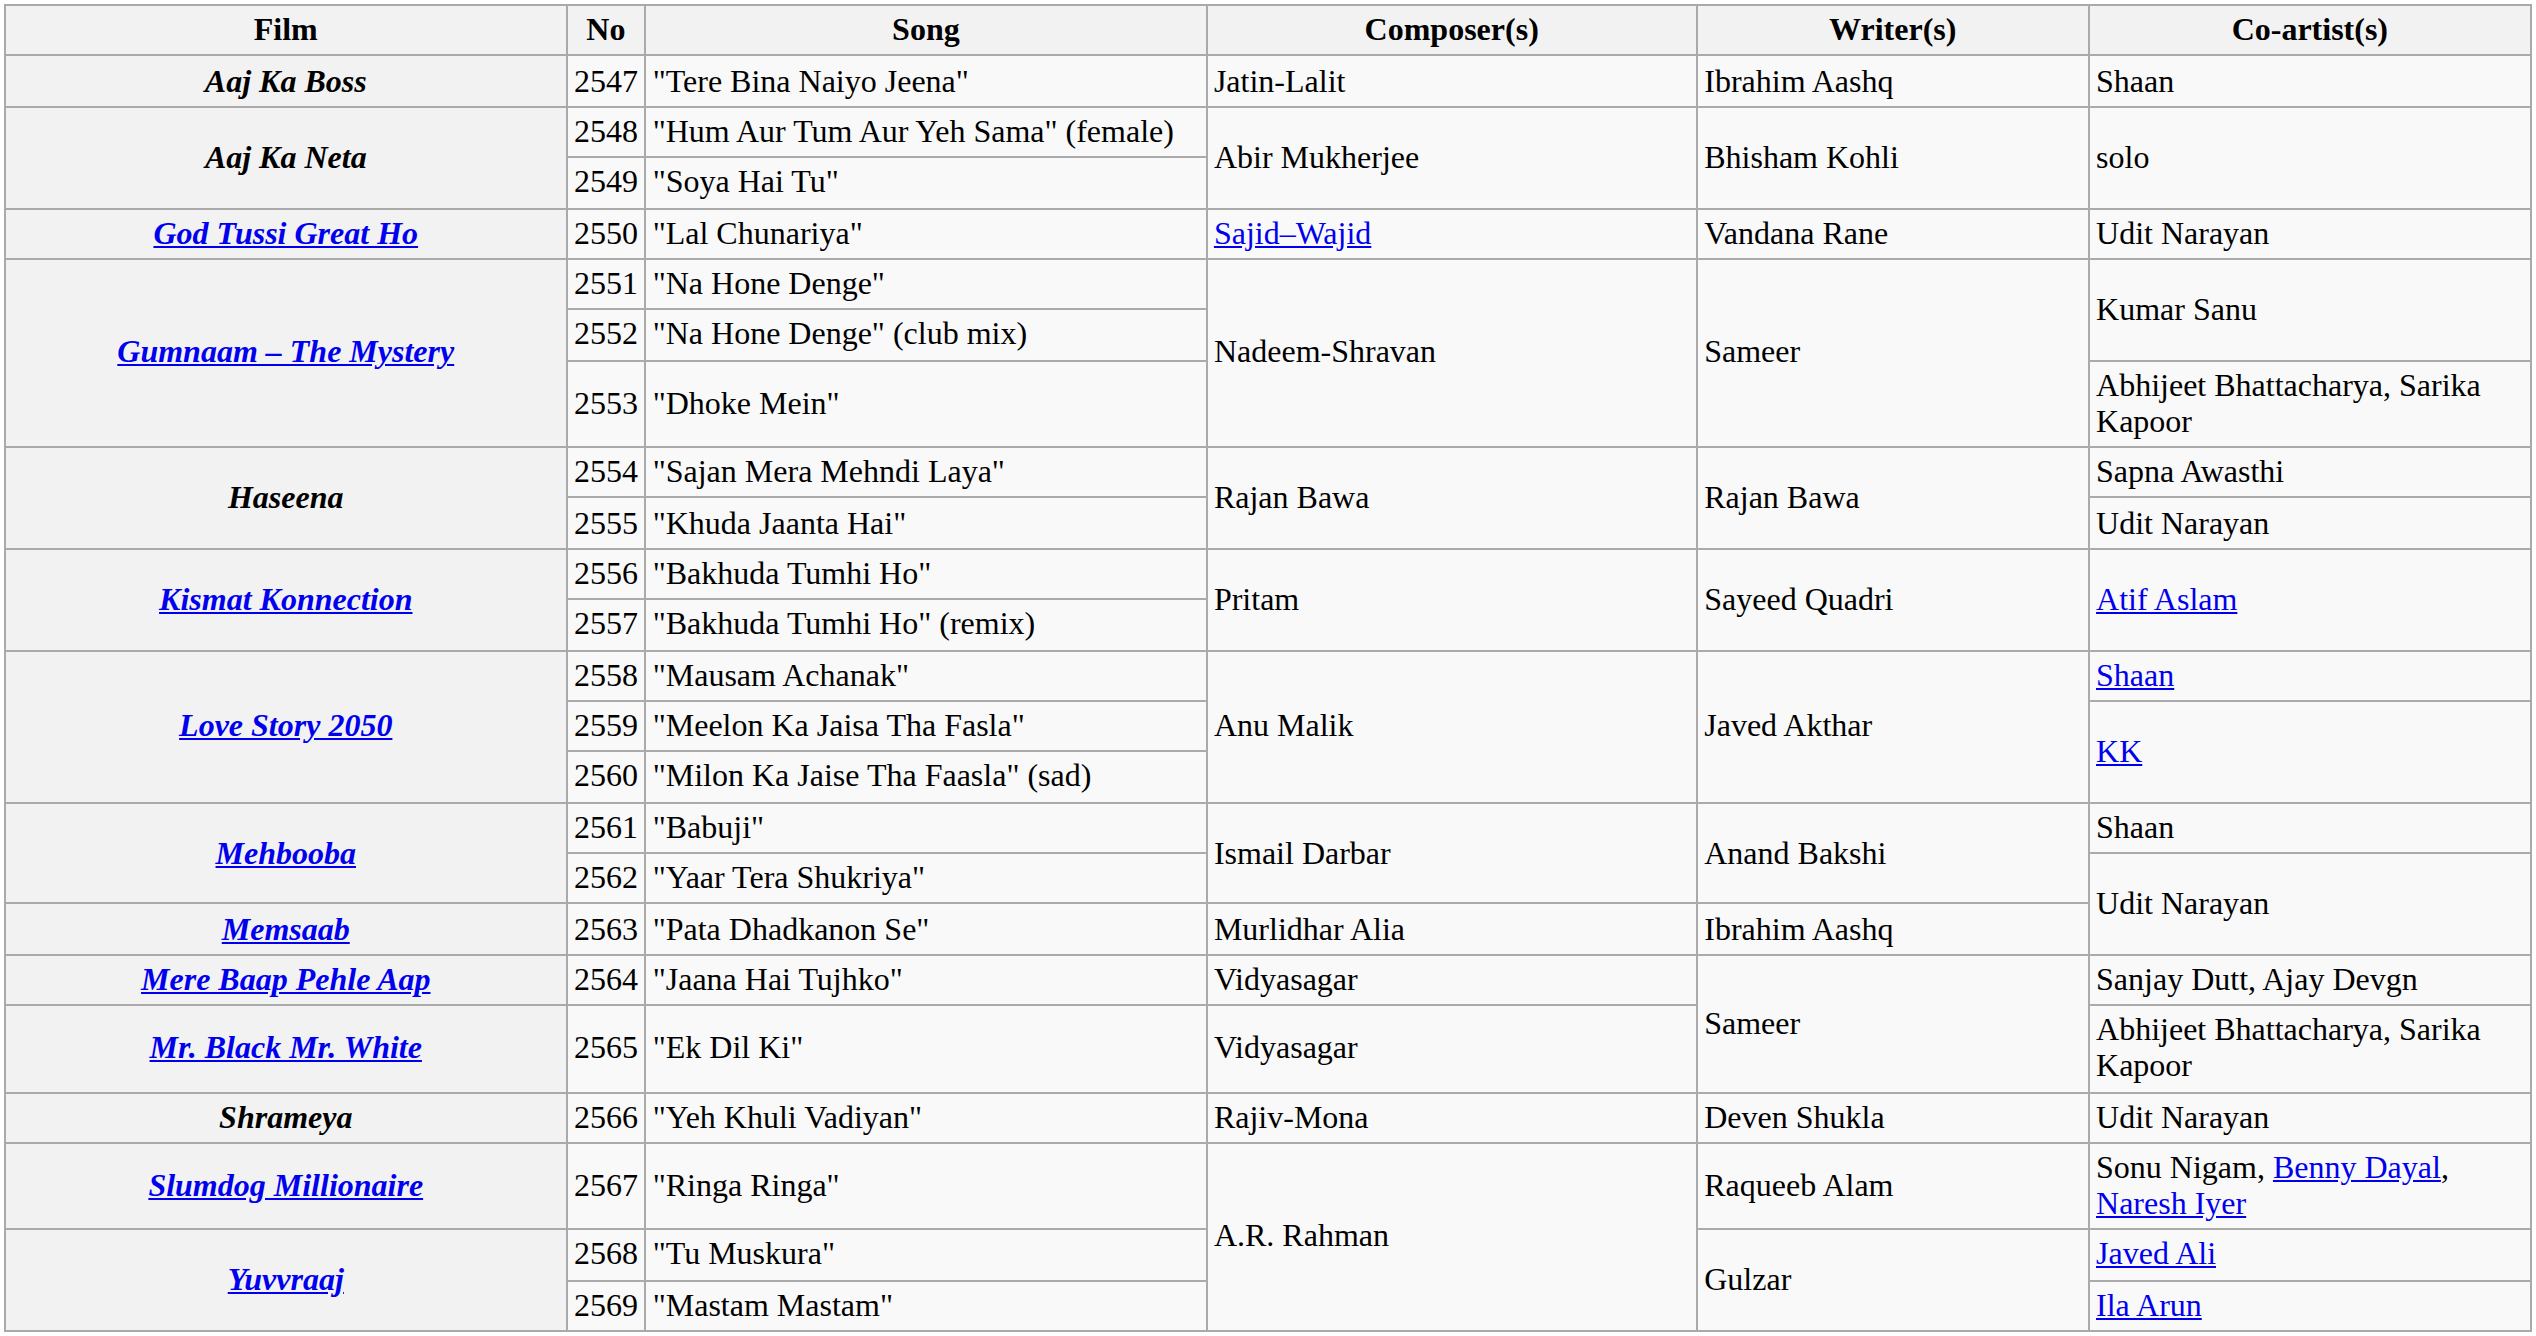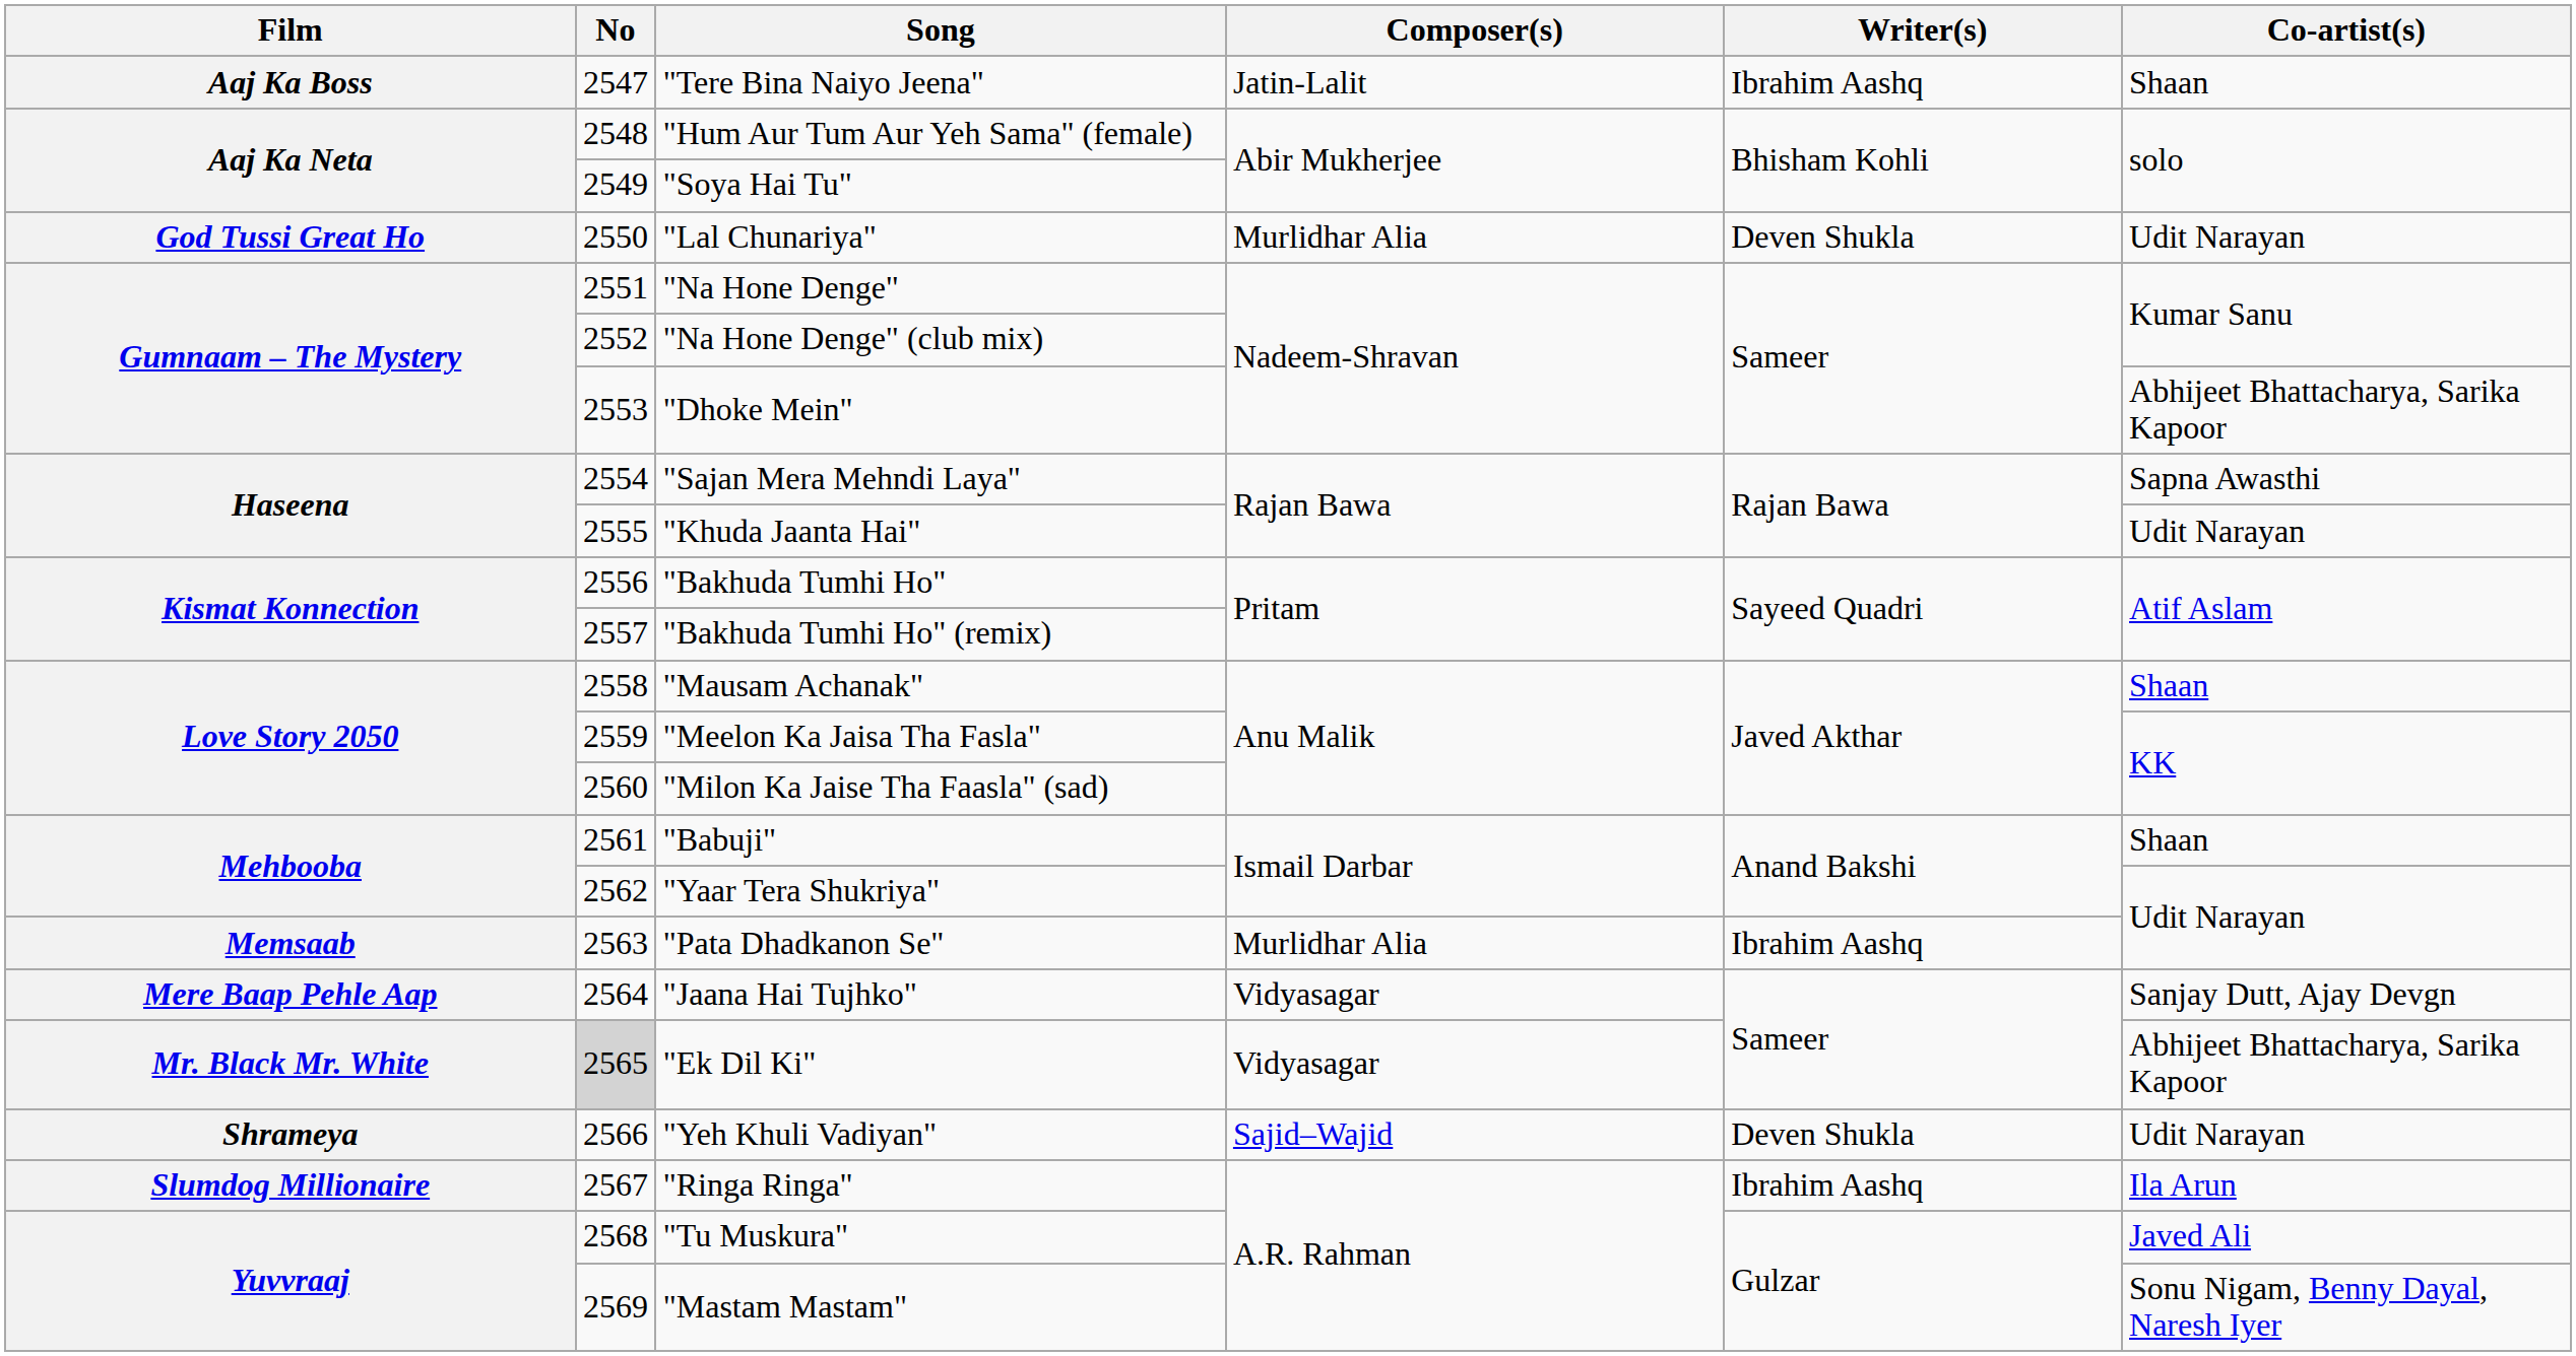 <table class="wikitable plainrowheaders" width="100%" textcolor:#000;">
 <tr style="background:#b0e0e66;">
 <th scope="col" width=23%><strong>Film</strong></th>
 <th><strong>No</strong></th>
 <th scope="col" width=23%><strong>Song</strong></th>
 <th scope="col" width=20%><strong>Composer(s)</strong></th>
 <th scope="col" width=16%><strong>Writer(s)</strong></th>
 <th scope="col" width=18%><strong>Co-artist(s)</strong></th>
 </tr>
 <tr>
 <th><em>Aaj Ka Boss</em></th>
 <td>2547</td>
 <td>"Tere Bina Naiyo Jeena"</td>
 <td>Jatin-Lalit</td>
 <td>Ibrahim Aashq</td>
 <td>Shaan</td>
 </tr>
 <tr>
 <th rowspan=2><em>Aaj Ka Neta</em></th>
 <td>2548</td>
 <td>"Hum Aur Tum Aur Yeh Sama" (female)</td>
 <td rowspan=2>Abir Mukherjee</td>
 <td rowspan=2>Bhisham Kohli</td>
 <td rowspan=2>solo</td>
 </tr>
 <tr>
 <td>2549</td>
 <td>"Soya Hai Tu"</td>
 </tr>
 <tr>
 <th><em><a href='#'>God Tussi Great Ho</a></em></th>
 <td>2550</td>
 <td>"Lal Chunariya"</td>
-<td><a href='#'>Sajid–Wajid</a></td>
-<td>Vandana Rane</td>
+<td>Murlidhar Alia</td>
+<td>Deven Shukla</td>
 <td>Udit Narayan</td>
 </tr>
 <tr>
 <th rowspan=3><em><a href='#'>Gumnaam – The Mystery</a></em></th>
 <td>2551</td>
 <td>"Na Hone Denge"</td>
 <td rowspan=3>Nadeem-Shravan</td>
 <td rowspan=3>Sameer</td>
 <td rowspan=2>Kumar Sanu</td>
 </tr>
 <tr>
 <td>2552</td>
 <td>"Na Hone Denge" (club mix)</td>
 </tr>
 <tr>
 <td>2553</td>
 <td>"Dhoke Mein"</td>
 <td>Abhijeet Bhattacharya, Sarika Kapoor</td>
 </tr>
 <tr>
 <th rowspan=2><em>Haseena</em></th>
 <td>2554</td>
 <td>"Sajan Mera Mehndi Laya"</td>
 <td rowspan=2>Rajan Bawa</td>
 <td rowspan=2>Rajan Bawa</td>
 <td>Sapna Awasthi</td>
 </tr>
 <tr>
 <td>2555</td>
 <td>"Khuda Jaanta Hai"</td>
 <td>Udit Narayan</td>
 </tr>
 <tr>
 <th rowspan=2><em><a href='#'>Kismat Konnection</a></em></th>
 <td>2556</td>
 <td>"Bakhuda Tumhi Ho"</td>
 <td rowspan=2>Pritam</td>
 <td rowspan=2>Sayeed Quadri</td>
 <td rowspan=2><a href='#'>Atif Aslam</a></td>
 </tr>
 <tr>
 <td>2557</td>
 <td>"Bakhuda Tumhi Ho" (remix)</td>
 </tr>
 <tr>
 <th rowspan="3"><em><a href='#'>Love Story 2050</a></em></th>
 <td>2558</td>
 <td>"Mausam Achanak"</td>
 <td rowspan=3>Anu Malik</td>
 <td rowspan=3>Javed Akthar</td>
 <td><a href='#'>Shaan</a></td>
 </tr>
 <tr>
 <td>2559</td>
 <td>"Meelon Ka Jaisa Tha Fasla"</td>
 <td rowspan=2><a href='#'>KK</a></td>
 </tr>
 <tr>
 <td>2560</td>
 <td>"Milon Ka Jaise Tha Faasla" (sad)</td>
 </tr>
 <tr>
 <th rowspan=2><em><a href='#'>Mehbooba</a></em></th>
 <td>2561</td>
 <td>"Babuji"</td>
 <td rowspan=2>Ismail Darbar</td>
 <td rowspan=2>Anand Bakshi</td>
 <td>Shaan</td>
 </tr>
 <tr>
 <td>2562</td>
 <td>"Yaar Tera Shukriya"</td>
 <td rowspan=2>Udit Narayan</td>
 </tr>
 <tr>
 <th><em><a href='#'>Memsaab</a></em></th>
 <td>2563</td>
 <td>"Pata Dhadkanon Se"</td>
 <td>Murlidhar Alia</td>
 <td>Ibrahim Aashq</td>
 </tr>
 <tr>
 <th><em><a href='#'>Mere Baap Pehle Aap</a></em></th>
 <td>2564</td>
 <td>"Jaana Hai Tujhko"</td>
 <td>Vidyasagar</td>
 <td rowspan=2>Sameer</td>
 <td>Sanjay Dutt, Ajay Devgn</td>
 </tr>
 <tr>
 <th><em><a href='#'>Mr. Black Mr. White</a></em></th>
-<td>2565</td>
+<td style="background: lightgrey;">2565</td>
 <td>"Ek Dil Ki"</td>
 <td>Vidyasagar</td>
 <td>Abhijeet Bhattacharya, Sarika Kapoor</td>
 </tr>
 <tr>
 <th><em>Shrameya</em></th>
 <td>2566</td>
 <td>"Yeh Khuli Vadiyan"</td>
-<td>Rajiv-Mona</td>
+<td><a href='#'>Sajid–Wajid</a></td>
 <td>Deven Shukla</td>
 <td>Udit Narayan</td>
 </tr>
 <tr>
 <th><em><a href='#'>Slumdog Millionaire</a></em></th>
 <td>2567</td>
 <td>"Ringa Ringa"</td>
 <td rowspan=3>A.R. Rahman</td>
-<td>Raqueeb Alam</td>
-<td>Sonu Nigam, <a href='#'>Benny Dayal</a>, <a href='#'>Naresh Iyer</a></td>
+<td>Ibrahim Aashq</td>
+<td><a href='#'>Ila Arun</a></td>
 </tr>
 <tr>
 <th rowspan="2"><em><a href='#'>Yuvvraaj</a></em></th>
 <td>2568</td>
 <td>"Tu Muskura"</td>
 <td rowspan=2>Gulzar</td>
 <td><a href='#'>Javed Ali</a></td>
 </tr>
 <tr>
 <td>2569</td>
 <td>"Mastam Mastam"</td>
-<td><a href='#'>Ila Arun</a></td>
+<td>Sonu Nigam, <a href='#'>Benny Dayal</a>, <a href='#'>Naresh Iyer</a></td>
 </tr>
 <tr>
 </tr>
 </table>
